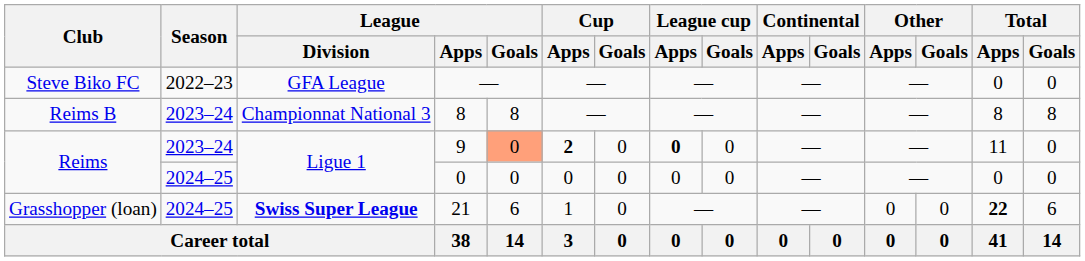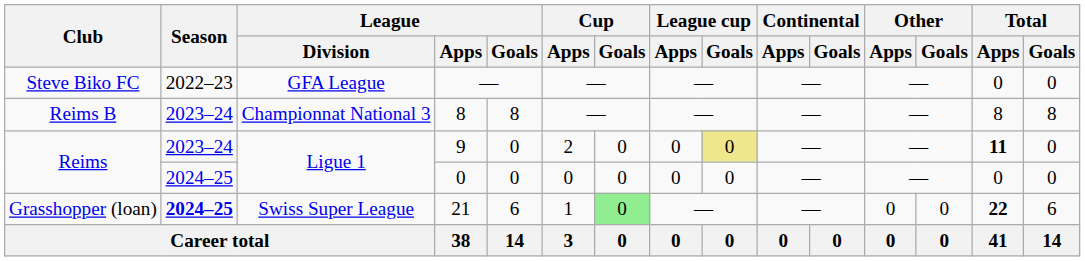 <table class="wikitable" style="text-align: center; font-size:96%">
 <tr>
 <th rowspan="2">Club</th>
 <th rowspan="2">Season</th>
 <th colspan="3">League</th>
 <th colspan="2">Cup</th>
 <th colspan="2">League cup</th>
 <th colspan="2">Continental</th>
 <th colspan="2">Other</th>
 <th colspan="2">Total</th>
 </tr>
 <tr>
 <th>Division</th>
 <th>Apps</th>
 <th>Goals</th>
 <th>Apps</th>
 <th>Goals</th>
 <th>Apps</th>
 <th>Goals</th>
 <th>Apps</th>
 <th>Goals</th>
 <th>Apps</th>
 <th>Goals</th>
 <th>Apps</th>
 <th>Goals</th>
 </tr>
 <tr>
 <td rowspan="1"><a href='#'>Steve Biko FC</a></td>
 <td>2022–23</td>
 <td><a href='#'>GFA League</a></td>
 <td colspan="2">—</td>
 <td colspan="2">—</td>
 <td colspan="2">—</td>
 <td colspan="2">—</td>
 <td colspan="2">—</td>
 <td>0</td>
 <td>0</td>
 </tr>
 <tr>
 <td><a href='#'>Reims B</a></td>
 <td><a href='#'>2023–24</a></td>
 <td><a href='#'>Championnat National 3</a></td>
 <td>8</td>
 <td>8</td>
 <td colspan=2>—</td>
 <td colspan=2>—</td>
 <td colspan=2>—</td>
 <td colspan=2>—</td>
 <td>8</td>
 <td>8</td>
 </tr>
 <tr>
 <td rowspan=2><a href='#'>Reims</a></td>
 <td><a href='#'>2023–24</a></td>
 <td rowspan=2><a href='#'>Ligue 1</a></td>
 <td>9</td>
-<td style="background: lightsalmon;">0</td>
-<td><strong>2</strong></td>
 <td>0</td>
-<td><strong>0</strong></td>
+<td>2</td>
 <td>0</td>
+<td>0</td>
+<td style="background: khaki;">0</td>
 <td colspan=2>—</td>
 <td colspan=2>—</td>
-<td>11</td>
+<td><strong>11</strong></td>
 <td>0</td>
 </tr>
 <tr>
 <td><a href='#'>2024–25</a></td>
 <td>0</td>
 <td>0</td>
 <td>0</td>
 <td>0</td>
 <td>0</td>
 <td>0</td>
 <td colspan=2>—</td>
 <td colspan=2>—</td>
 <td>0</td>
 <td>0</td>
 </tr>
 <tr>
 <td><a href='#'>Grasshopper</a> (loan)</td>
-<td><a href='#'>2024–25</a></td>
-<td><strong><a href='#'>Swiss Super League</a></strong></td>
+<td><strong><a href='#'>2024–25</a></strong></td>
+<td><a href='#'>Swiss Super League</a></td>
 <td>21</td>
 <td>6</td>
 <td>1</td>
-<td>0</td>
+<td style="background: lightgreen;">0</td>
 <td colspan=2>—</td>
 <td colspan=2>—</td>
 <td>0</td>
 <td>0</td>
 <td><strong>22</strong></td>
 <td>6</td>
 </tr>
 <tr>
 <th colspan="3">Career total</th>
 <th>38</th>
 <th>14</th>
 <th>3</th>
 <th>0</th>
 <th>0</th>
 <th>0</th>
 <th>0</th>
 <th>0</th>
 <th>0</th>
 <th>0</th>
 <th>41</th>
 <th>14</th>
 </tr>
 </table>
